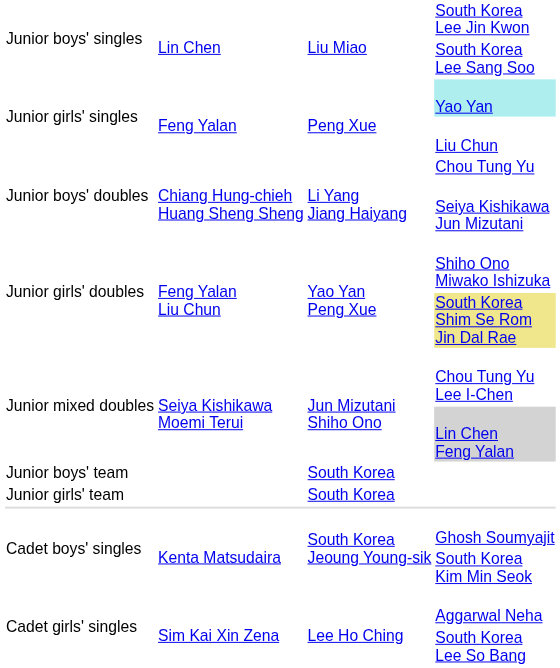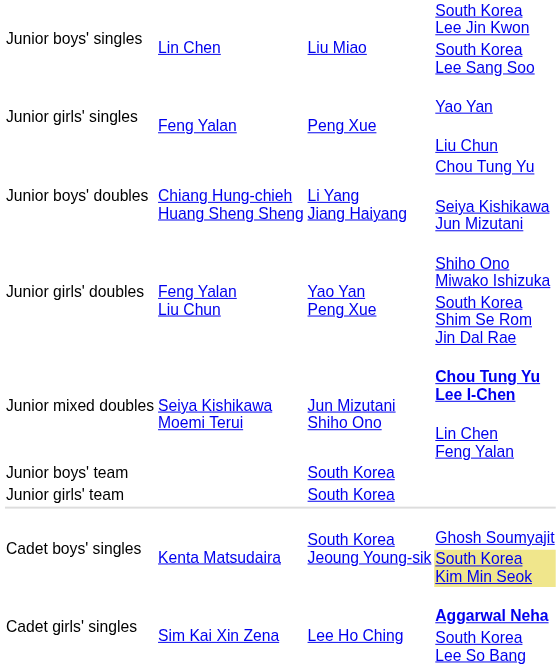 <table>
 <tr>
 <td rowspan=2>Junior boys' singles</td>
 <td rowspan=2><br><a href='#'>Lin Chen</a></td>
 <td rowspan=2><br><a href='#'>Liu Miao</a></td>
 <td> <a href='#'>South Korea</a><br><a href='#'>Lee Jin Kwon</a></td>
 </tr>
 <tr>
 <td> <a href='#'>South Korea</a><br><a href='#'>Lee Sang Soo</a></td>
 </tr>
 <tr>
 <td rowspan=2>Junior girls' singles</td>
 <td rowspan=2><br><a href='#'>Feng Yalan</a></td>
 <td rowspan=2><br><a href='#'>Peng Xue</a></td>
-<td style="background: paleturquoise;"><br><a href='#'>Yao Yan</a></td>
+<td><br><a href='#'>Yao Yan</a></td>
 </tr>
 <tr>
 <td><br><a href='#'>Liu Chun</a></td>
 </tr>
 <tr>
 <td rowspan=2>Junior boys' doubles</td>
 <td rowspan=2><br><a href='#'>Chiang Hung-chieh</a><br><a href='#'>Huang Sheng Sheng</a></td>
 <td rowspan=2><br><a href='#'>Li Yang</a><br><a href='#'>Jiang Haiyang</a></td>
 <td> <a href='#'>Chou Tung Yu</a><br></td>
 </tr>
 <tr>
 <td><br><a href='#'>Seiya Kishikawa</a><br><a href='#'>Jun Mizutani</a></td>
 </tr>
 <tr>
 <td rowspan=2>Junior girls' doubles</td>
 <td rowspan=2><br><a href='#'>Feng Yalan</a><br><a href='#'>Liu Chun</a></td>
 <td rowspan=2><br><a href='#'>Yao Yan</a><br><a href='#'>Peng Xue</a></td>
 <td><br><a href='#'>Shiho Ono</a><br><a href='#'>Miwako Ishizuka</a></td>
 </tr>
 <tr>
-<td style="background: khaki;"> <a href='#'>South Korea</a><br><a href='#'>Shim Se Rom</a><br><a href='#'>Jin Dal Rae</a></td>
+<td> <a href='#'>South Korea</a><br><a href='#'>Shim Se Rom</a><br><a href='#'>Jin Dal Rae</a></td>
 </tr>
 <tr>
 <td rowspan=2>Junior mixed doubles</td>
 <td rowspan=2><br><a href='#'>Seiya Kishikawa</a><br><a href='#'>Moemi Terui</a></td>
 <td rowspan=2><br><a href='#'>Jun Mizutani</a><br><a href='#'>Shiho Ono</a></td>
-<td><br><a href='#'>Chou Tung Yu</a><br><a href='#'>Lee I-Chen</a></td>
+<td><strong><br><a href='#'>Chou Tung Yu</a><br><a href='#'>Lee I-Chen</a></strong></td>
 </tr>
 <tr>
-<td style="background: lightgrey;"><br><a href='#'>Lin Chen</a><br><a href='#'>Feng Yalan</a></td>
+<td><br><a href='#'>Lin Chen</a><br><a href='#'>Feng Yalan</a></td>
 </tr>
 <tr>
 <td rowspan=2>Junior boys' team</td>
 <td rowspan=2></td>
 <td rowspan=2> <a href='#'>South Korea</a></td>
 <td></td>
 </tr>
 <tr>
 <td></td>
 </tr>
 <tr>
 <td rowspan=2>Junior girls' team</td>
 <td rowspan=2></td>
 <td rowspan=2> <a href='#'>South Korea</a></td>
 <td></td>
 </tr>
 <tr>
 <td></td>
 </tr>
 <tr style="background:#dddddd;">
 <td colspan=7></td>
 </tr>
 <tr>
 <td rowspan=2>Cadet boys' singles</td>
 <td rowspan=2><br><a href='#'>Kenta Matsudaira</a></td>
 <td rowspan=2> <a href='#'>South Korea</a><br><a href='#'>Jeoung Young-sik</a></td>
 <td><br><a href='#'>Ghosh Soumyajit</a></td>
 </tr>
 <tr>
-<td> <a href='#'>South Korea</a><br><a href='#'>Kim Min Seok</a></td>
+<td style="background: khaki;"> <a href='#'>South Korea</a><br><a href='#'>Kim Min Seok</a></td>
 </tr>
 <tr>
 <td rowspan=2>Cadet girls' singles</td>
 <td rowspan=2><br><a href='#'>Sim Kai Xin Zena</a></td>
 <td rowspan=2><br><a href='#'>Lee Ho Ching</a></td>
-<td><br><a href='#'>Aggarwal Neha</a></td>
+<td><strong><br><a href='#'>Aggarwal Neha</a></strong></td>
 </tr>
 <tr>
 <td> <a href='#'>South Korea</a><br><a href='#'>Lee So Bang</a></td>
 </tr>
 </table>
